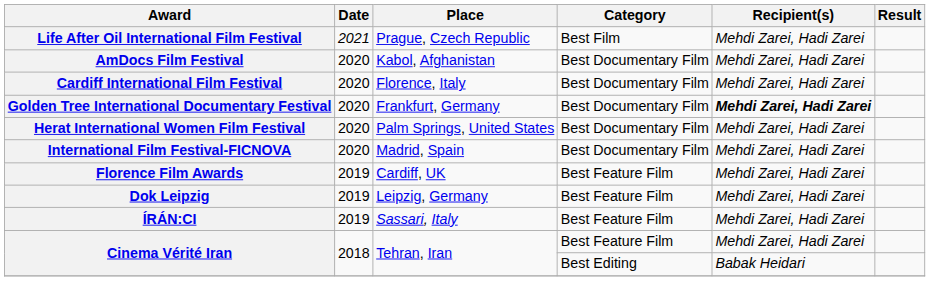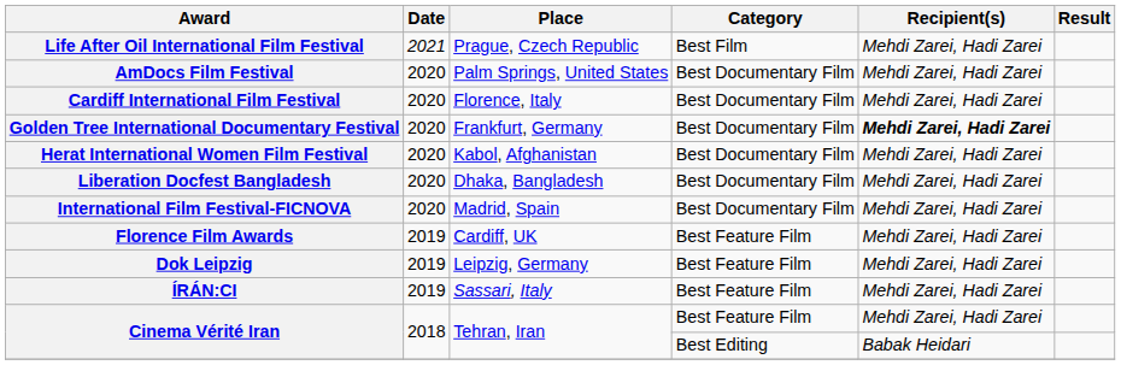 <table class="wikitable plainrowheaders sortable">
 <tr>
 <th scope="col">Award</th>
 <th scope="col">Date</th>
 <th scope="col">Place</th>
 <th scope="col">Category</th>
 <th scope="col">Recipient(s)</th>
 <th scope="col">Result</th>
 </tr>
 <tr>
 <th scope="row" rowspan="1"><a href='#'>Life After Oil International Film Festival</a></th>
 <td rowspan=1><em>2021</em></td>
 <td><a href='#'>Prague</a>, <a href='#'>Czech Republic</a></td>
 <td>‌Best Film</td>
 <td><em>Mehdi Zarei, Hadi Zarei</em></td>
 <td></td>
 </tr>
 <tr>
 <th scope="row" rowspan="1"><a href='#'>AmDocs Film Festival</a></th>
 <td>2020</td>
-<td><a href='#'>Kabol</a>, <a href='#'>Afghanistan</a></td>
+<td><a href='#'>Palm Springs</a>, <a href='#'>United States</a></td>
 <td>Best Documentary Film</td>
 <td><em>Mehdi Zarei, Hadi Zarei</em></td>
 <td></td>
 </tr>
 <tr>
 <th scope="row" rowspan="1"><a href='#'>Cardiff International Film Festival</a></th>
 <td>2020</td>
 <td><a href='#'>Florence</a>, <a href='#'>Italy</a></td>
 <td>Best Documentary Film</td>
 <td><em>Mehdi Zarei, Hadi Zarei</em></td>
 <td></td>
 </tr>
 <tr>
 <th scope="row" rowspan="1"><a href='#'>Golden Tree International Documentary Festival</a></th>
 <td>2020</td>
 <td><a href='#'>Frankfurt</a>, <a href='#'>Germany</a></td>
 <td>Best Documentary Film</td>
 <td><strong><em>Mehdi Zarei, Hadi Zarei</em></strong></td>
 <td></td>
 </tr>
 <tr>
 <th scope="row" rowspan="1"><a href='#'>Herat International Women Film Festival</a></th>
 <td>2020</td>
-<td><a href='#'>Palm Springs</a>, <a href='#'>United States</a></td>
+<td><a href='#'>Kabol</a>, <a href='#'>Afghanistan</a></td>
+<td>Best Documentary Film</td>
+<td><em>Mehdi Zarei, Hadi Zarei</em></td>
+<td></td>
+</tr>
+<tr>
+<th scope="row" rowspan="1"><a href='#'>Liberation Docfest Bangladesh</a></th>
+<td>2020</td>
+<td><a href='#'>Dhaka</a>, <a href='#'>Bangladesh</a></td>
 <td>Best Documentary Film</td>
 <td><em>Mehdi Zarei, Hadi Zarei</em></td>
 <td></td>
 </tr>
 <tr>
 <th scope="row" rowspan="1"><a href='#'>International Film Festival-FICNOVA</a></th>
 <td>2020</td>
 <td><a href='#'>Madrid</a>, <a href='#'>Spain</a></td>
 <td>Best Documentary Film</td>
 <td><em>Mehdi Zarei, Hadi Zarei</em></td>
 <td></td>
 </tr>
 <tr>
 <th scope="row" rowspan="1"><a href='#'>Florence Film Awards</a></th>
 <td>2019</td>
 <td><a href='#'>Cardiff</a>, <a href='#'>UK</a></td>
 <td>Best Feature Film</td>
 <td><em>Mehdi Zarei, Hadi Zarei</em></td>
 <td></td>
 </tr>
 <tr>
 <th scope="row" rowspan="1"><a href='#'>Dok Leipzig</a></th>
 <td rowspan=1>2019</td>
 <td><a href='#'>Leipzig</a>, <a href='#'>Germany</a></td>
 <td>Best Feature Film</td>
 <td><em>Mehdi Zarei, Hadi Zarei</em></td>
 <td></td>
 </tr>
 <tr>
 <th scope="row" rowspan="1"><a href='#'>ÍRÁN:CI</a></th>
 <td>2019</td>
 <td rowspan=1><em><a href='#'>Sassari</a>, <a href='#'>Italy</a> </em></td>
 <td>Best Feature Film</td>
 <td><em>Mehdi Zarei, Hadi Zarei</em></td>
 <td></td>
 </tr>
 <tr>
 <th scope="row" rowspan="2"><a href='#'>Cinema Vérité Iran</a></th>
 <td rowspan=2>2018</td>
 <td rowspan=2><a href='#'>Tehran</a>, <a href='#'>Iran</a></td>
 <td>Best Feature Film</td>
 <td><em>Mehdi Zarei, Hadi Zarei</em></td>
 <td></td>
 </tr>
 <tr>
 <td>Best Editing</td>
 <td><em>Babak Heidari</em></td>
 <td></td>
 </tr>
 <tr>
 </tr>
 </table>
